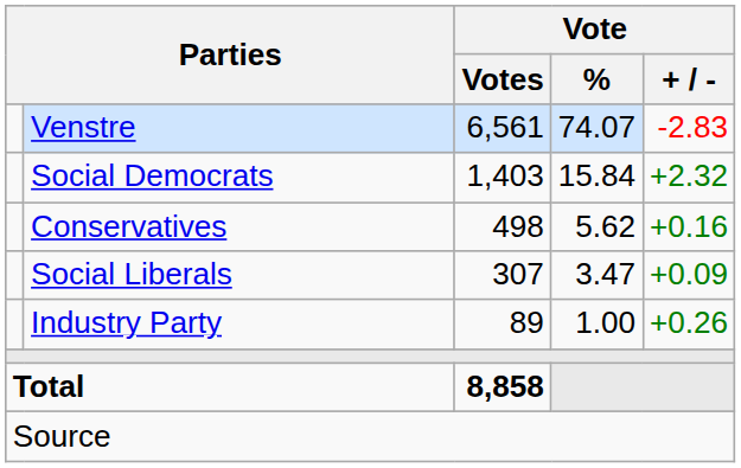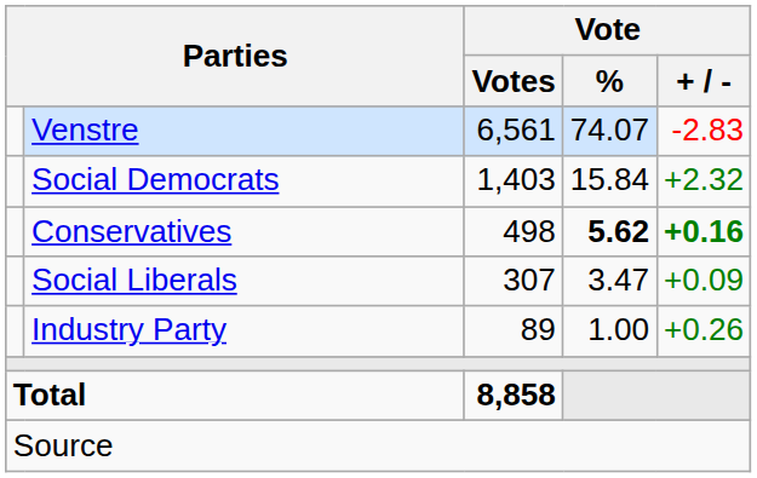 <table class="wikitable" style="text-align:right;">
 <tr>
 <th style="text-align:centre;" rowspan="2" colspan="2" width="225">Parties</th>
 <th colspan="3">Vote</th>
 </tr>
 <tr>
 <th width="15">Votes</th>
 <th width="15">%</th>
 <th width="15">+ / -</th>
 </tr>
 <tr>
 <td width="2" style="color:inherit;background:"></td>
 <td bgcolor=#cfe5fe  align="left"><a href='#'>Venstre</a></td>
 <td bgcolor=#cfe5fe>6,561</td>
 <td bgcolor=#cfe5fe>74.07</td>
 <td style=color:red;>-2.83</td>
 </tr>
 <tr>
 <td width="2" style="color:inherit;background:"></td>
 <td align="left"><a href='#'>Social Democrats</a></td>
 <td>1,403</td>
 <td>15.84</td>
 <td style=color:green;>+2.32</td>
 </tr>
 <tr>
 <td width="2" style="color:inherit;background:"></td>
 <td align="left"><a href='#'>Conservatives</a></td>
 <td>498</td>
-<td>5.62</td>
-<td style=color:green;>+0.16</td>
+<td><strong>5.62</strong></td>
+<td style=color:green;><strong>+0.16</strong></td>
 </tr>
 <tr>
 <td width="2" style="color:inherit;background:"></td>
 <td align="left"><a href='#'>Social Liberals</a></td>
 <td>307</td>
 <td>3.47</td>
 <td style=color:green;>+0.09</td>
 </tr>
 <tr>
 <td width="2" style="color:inherit;background:"></td>
 <td align="left"><a href='#'>Industry Party</a></td>
 <td>89</td>
 <td>1.00</td>
 <td style=color:green;>+0.26</td>
 </tr>
 <tr>
 <td colspan="7" bgcolor="#E9E9E9"></td>
 </tr>
 <tr>
 <td align="left" colspan="2"><strong>Total</strong></td>
 <td><strong>8,858</strong></td>
 <td bgcolor="#E9E9E9" colspan="2"></td>
 </tr>
 <tr>
 <td align="left" colspan="6">Source</td>
 </tr>
 </table>
